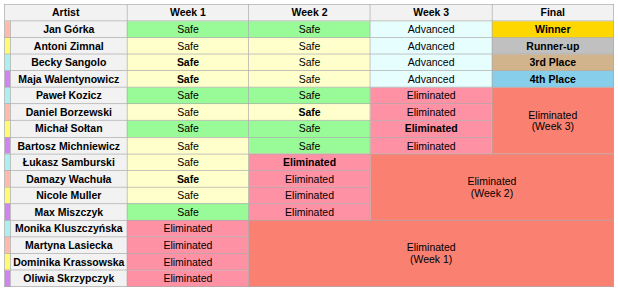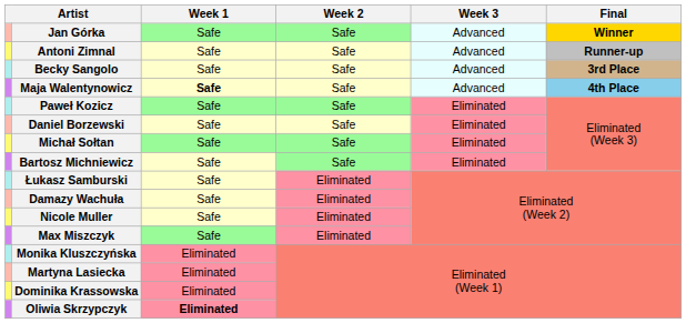 <table class="wikitable" style="font-size:95%; text-align:center; width:100%">
 <tr>
 <th style="width:15%" colspan="2">Artist</th>
 <th style="width:15%">Week 1</th>
 <th style="width:15%">Week 2</th>
 <th style="width:15%">Week 3</th>
 <th style="width:15%">Final</th>
 </tr>
 <tr>
 <th style="background:#febaad"></th>
 <th>Jan Górka</th>
 <td style="background:palegreen">Safe</td>
 <td style="background:palegreen">Safe</td>
 <td style="background:#E7FEFF">Advanced</td>
 <th style="background:gold">Winner</th>
 </tr>
 <tr>
 <th style="background:#fffa73"></th>
 <th>Antoni Zimnal</th>
 <td style="background:#ffffcc">Safe</td>
 <td style="background:#ffffcc">Safe</td>
 <td style="background:#E7FEFF">Advanced</td>
 <th style="background:silver">Runner-up</th>
 </tr>
 <tr>
 <th style="background:#afeeee"></th>
 <th>Becky Sangolo</th>
-<td style="background:#ffffcc"><strong>Safe</strong></td>
+<td style="background:#ffffcc">Safe</td>
 <td style="background:#ffffcc">Safe</td>
 <td style="background:#E7FEFF">Advanced</td>
 <th style="background:tan">3rd Place</th>
 </tr>
 <tr>
 <th style="background:#d084ee"></th>
 <th>Maja Walentynowicz</th>
 <td style="background:#ffffcc"><strong>Safe</strong></td>
 <td style="background:#ffffcc">Safe</td>
 <td style="background:#E7FEFF">Advanced</td>
 <th style="background:skyblue">4th Place</th>
 </tr>
 <tr>
 <th style="background:#afeeee"></th>
 <th>Paweł Kozicz</th>
 <td style="background:palegreen">Safe</td>
 <td style="background:palegreen">Safe</td>
 <td style="background:#FF91A4">Eliminated</td>
 <td rowspan="4" style="background:salmon">Eliminated<br>(Week 3)</td>
 </tr>
 <tr>
 <th style="background:#febaad"></th>
 <th>Daniel Borzewski</th>
 <td style="background:#ffffcc">Safe</td>
-<td style="background:#ffffcc"><strong>Safe</strong></td>
+<td style="background:#ffffcc">Safe</td>
 <td style="background:#FF91A4">Eliminated</td>
 </tr>
 <tr>
 <th style="background:#fffa73"></th>
 <th>Michał Sołtan</th>
 <td style="background:palegreen">Safe</td>
 <td style="background:palegreen">Safe</td>
-<td style="background:#FF91A4"><strong>Eliminated</strong></td>
+<td style="background:#FF91A4">Eliminated</td>
 </tr>
 <tr>
 <th style="background:#d084ee"></th>
 <th>Bartosz Michniewicz</th>
 <td style="background:#ffffcc">Safe</td>
 <td style="background:palegreen">Safe</td>
 <td style="background:#FF91A4">Eliminated</td>
 </tr>
 <tr>
 <th style="background:#afeeee"></th>
 <th>Łukasz Samburski</th>
 <td style="background:#ffffcc">Safe</td>
-<td style="background:#FF91A4"><strong>Eliminated</strong></td>
+<td style="background:#FF91A4">Eliminated</td>
 <td colspan="4" rowspan="4" style="background:salmon">Eliminated<br>(Week 2)</td>
 </tr>
 <tr>
 <th style="background:#febaad"></th>
 <th>Damazy Wachuła</th>
-<td style="background:#ffffcc"><strong>Safe</strong></td>
+<td style="background:#ffffcc">Safe</td>
 <td style="background:#FF91A4">Eliminated</td>
 </tr>
 <tr>
 <th style="background:#fffa73"></th>
 <th>Nicole Muller</th>
 <td style="background:#ffffcc">Safe</td>
 <td style="background:#FF91A4">Eliminated</td>
 </tr>
 <tr>
 <th style="background:#d084ee"></th>
 <th>Max Miszczyk</th>
 <td style="background:palegreen">Safe</td>
 <td style="background:#FF91A4">Eliminated</td>
 </tr>
 <tr>
 <th style="background:#afeeee"></th>
 <th>Monika Kluszczyńska</th>
 <td style="background:#FF91A4">Eliminated</td>
 <td colspan="4" rowspan="8" style="background:salmon">Eliminated<br>(Week 1)</td>
 </tr>
 <tr>
 <th style="background:#febaad"></th>
 <th>Martyna Lasiecka</th>
 <td style="background:#FF91A4">Eliminated</td>
 </tr>
 <tr>
 <th style="background:#fffa73"></th>
 <th>Dominika Krassowska</th>
 <td style="background:#FF91A4">Eliminated</td>
 </tr>
 <tr>
 <th style="background:#d084ee"></th>
 <th>Oliwia Skrzypczyk</th>
-<td style="background:#FF91A4">Eliminated</td>
+<td style="background:#FF91A4"><strong>Eliminated</strong></td>
 </tr>
 </table>
